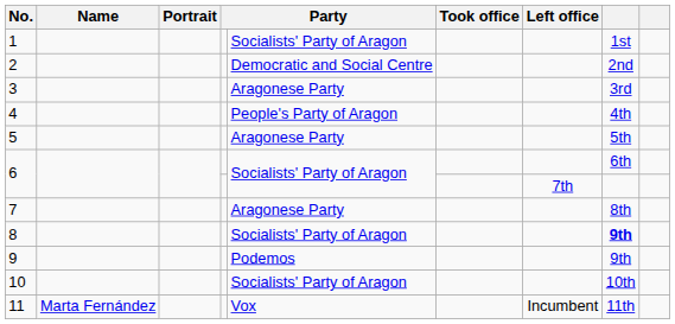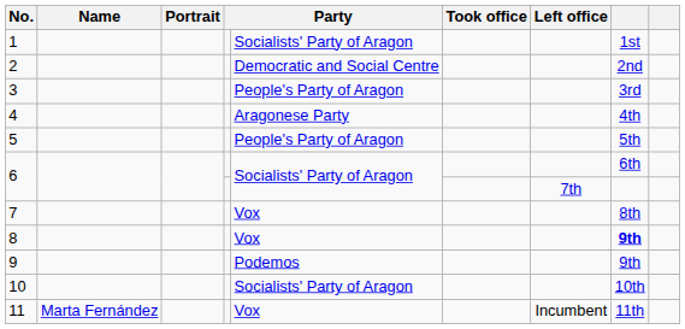 <table class="wikitable plainrowheaders sortable" style="text-align:left;">
 <tr>
 <th scope=col>No.</th>
 <th scope=col>Name</th>
 <th scope=col class=unsortable>Portrait</th>
 <th scope=col colspan="2">Party</th>
 <th scope=col>Took office</th>
 <th scope=col>Left office</th>
 <th scope=col></th>
 <th scope=col width=25px class=unsortable></th>
 </tr>
 <tr>
 <td>1</td>
 <td style="white-space: nowrap;"></td>
 <td align=center></td>
 <td !align="center" style="background:"></td>
 <td><a href='#'>Socialists' Party of Aragon</a></td>
 <td align=center></td>
 <td align=center></td>
 <td align=center><a href='#'>1st</a></td>
 <td align=center></td>
 </tr>
 <tr>
 <td>2</td>
 <td style="white-space: nowrap;"></td>
 <td align=center></td>
 <td !align="center" style="background:"></td>
 <td><a href='#'>Democratic and Social Centre</a></td>
 <td align=center></td>
 <td align=center></td>
 <td align=center><a href='#'>2nd</a></td>
 <td align=center></td>
 </tr>
 <tr>
 <td>3</td>
 <td style="white-space: nowrap;"></td>
 <td align=center></td>
 <td !align="center" style="background:"></td>
-<td><a href='#'>Aragonese Party</a></td>
+<td><a href='#'>People's Party of Aragon</a></td>
 <td align=center></td>
 <td align=center></td>
 <td align=center><a href='#'>3rd</a></td>
 <td align=center></td>
 </tr>
 <tr>
 <td>4</td>
 <td style="white-space: nowrap;"></td>
 <td align=center></td>
 <td !align="center" style="background:"></td>
-<td><a href='#'>People's Party of Aragon</a></td>
+<td><a href='#'>Aragonese Party</a></td>
 <td align=center></td>
 <td align=center></td>
 <td align=center><a href='#'>4th</a></td>
 <td align=center></td>
 </tr>
 <tr>
 <td>5</td>
 <td style="white-space: nowrap;"></td>
 <td align=center></td>
 <td !align="center" style="background:"></td>
-<td><a href='#'>Aragonese Party</a></td>
+<td><a href='#'>People's Party of Aragon</a></td>
 <td align=center></td>
 <td align=center></td>
 <td align=center><a href='#'>5th</a></td>
 <td align=center></td>
 </tr>
 <tr>
 <td rowspan=2>6</td>
 <td style="white-space: nowrap;" rowspan=2></td>
 <td align=center rowspan=2></td>
 <td !align="center" style="background:"></td>
 <td rowspan=2><a href='#'>Socialists' Party of Aragon</a></td>
 <td align=center></td>
 <td align=center></td>
 <td align=center><a href='#'>6th</a></td>
 <td align=center></td>
 </tr>
 <tr>
 <td align=center></td>
 <td align=center></td>
 <td align=center><a href='#'>7th</a></td>
 <td align=center></td>
 </tr>
 <tr>
 <td>7</td>
 <td style="white-space: nowrap;"></td>
 <td align=center></td>
 <td !align="center" style="background:"></td>
-<td><a href='#'>Aragonese Party</a></td>
+<td><a href='#'>Vox</a></td>
 <td align=center></td>
 <td align=center></td>
 <td align=center><a href='#'>8th</a></td>
 <td align=center></td>
 </tr>
 <tr>
 <td>8</td>
 <td style="white-space: nowrap;"></td>
 <td align=center></td>
 <td !align="center" style="background:"></td>
-<td><a href='#'>Socialists' Party of Aragon</a></td>
+<td><a href='#'>Vox</a></td>
 <td align=center></td>
 <td align=center></td>
 <td align=center><strong><a href='#'>9th</a></strong></td>
 <td align=center></td>
 </tr>
 <tr>
 <td>9</td>
 <td style="white-space: nowrap;"></td>
 <td align=center></td>
 <td !align="center" style="background:"></td>
 <td><a href='#'>Podemos</a></td>
 <td align=center></td>
 <td align=center></td>
 <td align=center><a href='#'>9th</a></td>
 <td align=center></td>
 </tr>
 <tr>
 <td>10</td>
 <td style="white-space: nowrap;"></td>
 <td align=center></td>
 <td !align="center" style="background:"></td>
 <td><a href='#'>Socialists' Party of Aragon</a></td>
 <td align=center></td>
 <td></td>
 <td align="center"><a href='#'>10th</a></td>
 <td align=center></td>
 </tr>
 <tr>
 <td>11</td>
 <td><a href='#'>Marta Fernández</a></td>
 <td align="center"></td>
 <td></td>
 <td><a href='#'>Vox</a></td>
 <td align="center"></td>
 <td align="center">Incumbent</td>
 <td align="center"><a href='#'>11th</a></td>
 <td align="center"></td>
 </tr>
 </table>
